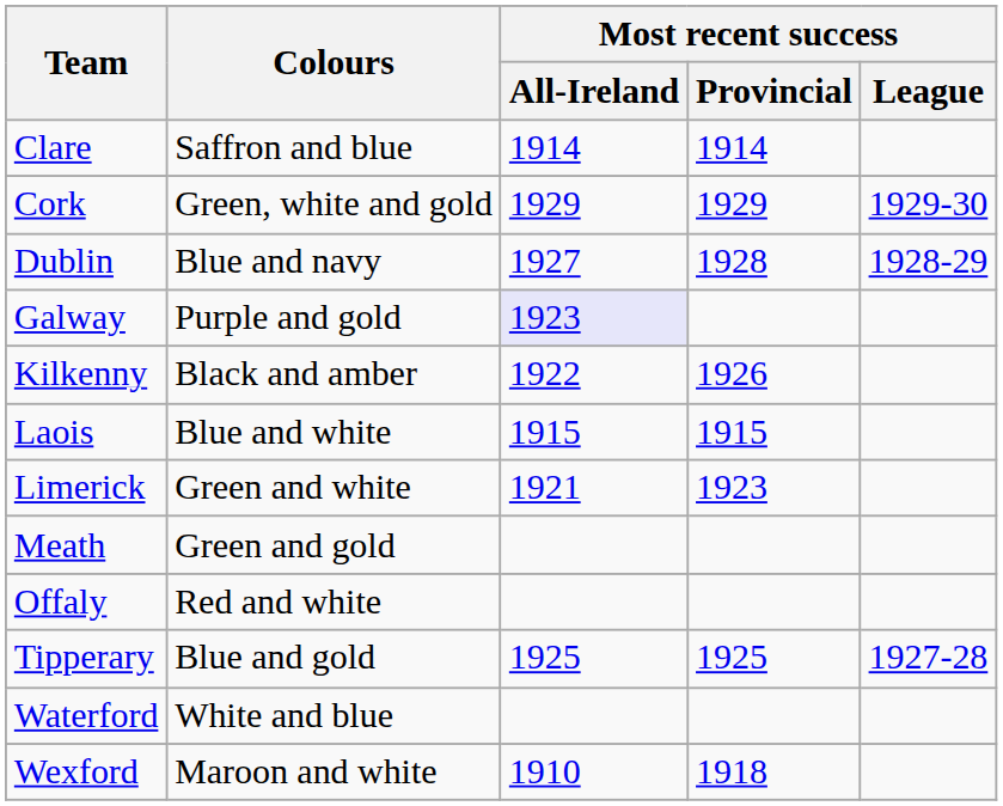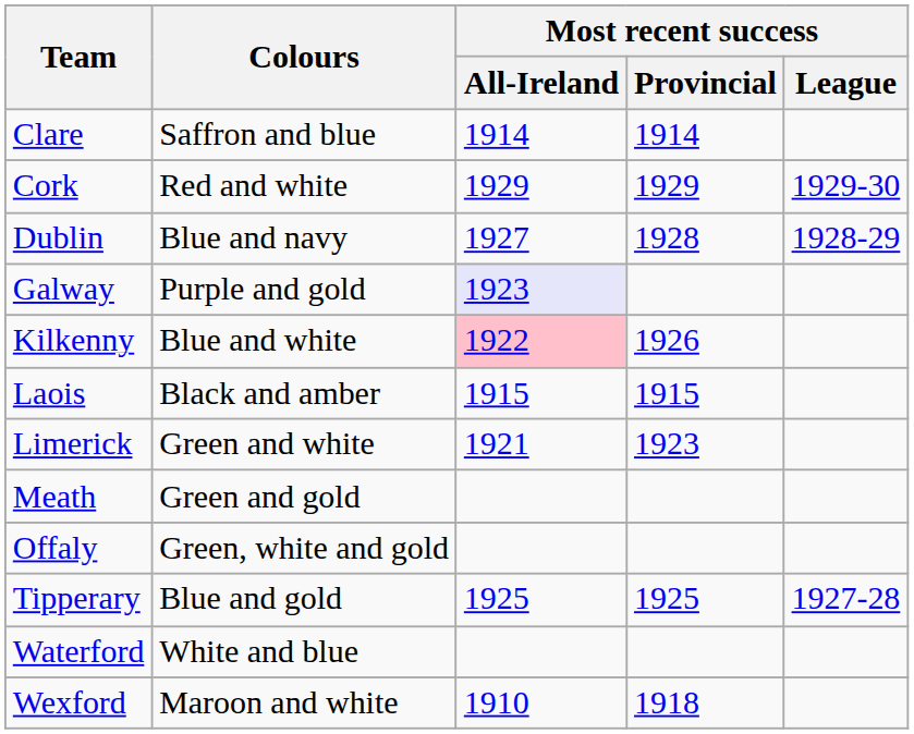 <table class="wikitable">
 <tr>
 <th rowspan="2">Team</th>
 <th rowspan="2">Colours</th>
 <th colspan="3">Most recent success</th>
 </tr>
 <tr>
 <th>All-Ireland</th>
 <th>Provincial</th>
 <th>League</th>
 </tr>
 <tr>
 <td><a href='#'>Clare</a></td>
 <td>Saffron and blue</td>
 <td><a href='#'>1914</a></td>
 <td><a href='#'>1914</a></td>
 <td></td>
 </tr>
 <tr>
 <td><a href='#'>Cork</a></td>
-<td>Green, white and gold</td>
+<td>Red and white</td>
 <td><a href='#'>1929</a></td>
 <td><a href='#'>1929</a></td>
 <td><a href='#'>1929-30</a></td>
 </tr>
 <tr>
 <td><a href='#'>Dublin</a></td>
 <td>Blue and navy</td>
 <td><a href='#'>1927</a></td>
 <td><a href='#'>1928</a></td>
 <td><a href='#'>1928-29</a></td>
 </tr>
 <tr>
 <td><a href='#'>Galway</a></td>
 <td>Purple and gold</td>
 <td style="background: lavender;"><a href='#'>1923</a></td>
 <td></td>
 <td></td>
 </tr>
 <tr>
 <td><a href='#'>Kilkenny</a></td>
-<td>Black and amber</td>
-<td><a href='#'>1922</a></td>
+<td>Blue and white</td>
+<td style="background: pink;"><a href='#'>1922</a></td>
 <td><a href='#'>1926</a></td>
 <td></td>
 </tr>
 <tr>
 <td><a href='#'>Laois</a></td>
-<td>Blue and white</td>
+<td>Black and amber</td>
 <td><a href='#'>1915</a></td>
 <td><a href='#'>1915</a></td>
 <td></td>
 </tr>
 <tr>
 <td><a href='#'>Limerick</a></td>
 <td>Green and white</td>
 <td><a href='#'>1921</a></td>
 <td><a href='#'>1923</a></td>
 <td></td>
 </tr>
 <tr>
 <td><a href='#'>Meath</a></td>
 <td>Green and gold</td>
 <td></td>
 <td></td>
 <td></td>
 </tr>
 <tr>
 <td><a href='#'>Offaly</a></td>
-<td>Red and white</td>
+<td>Green, white and gold</td>
 <td></td>
 <td></td>
 <td></td>
 </tr>
 <tr>
 <td><a href='#'>Tipperary</a></td>
 <td>Blue and gold</td>
 <td><a href='#'>1925</a></td>
 <td><a href='#'>1925</a></td>
 <td><a href='#'>1927-28</a></td>
 </tr>
 <tr>
 <td><a href='#'>Waterford</a></td>
 <td>White and blue</td>
 <td></td>
 <td></td>
 <td></td>
 </tr>
 <tr>
 <td><a href='#'>Wexford</a></td>
 <td>Maroon and white</td>
 <td><a href='#'>1910</a></td>
 <td><a href='#'>1918</a></td>
 <td></td>
 </tr>
 </table>
